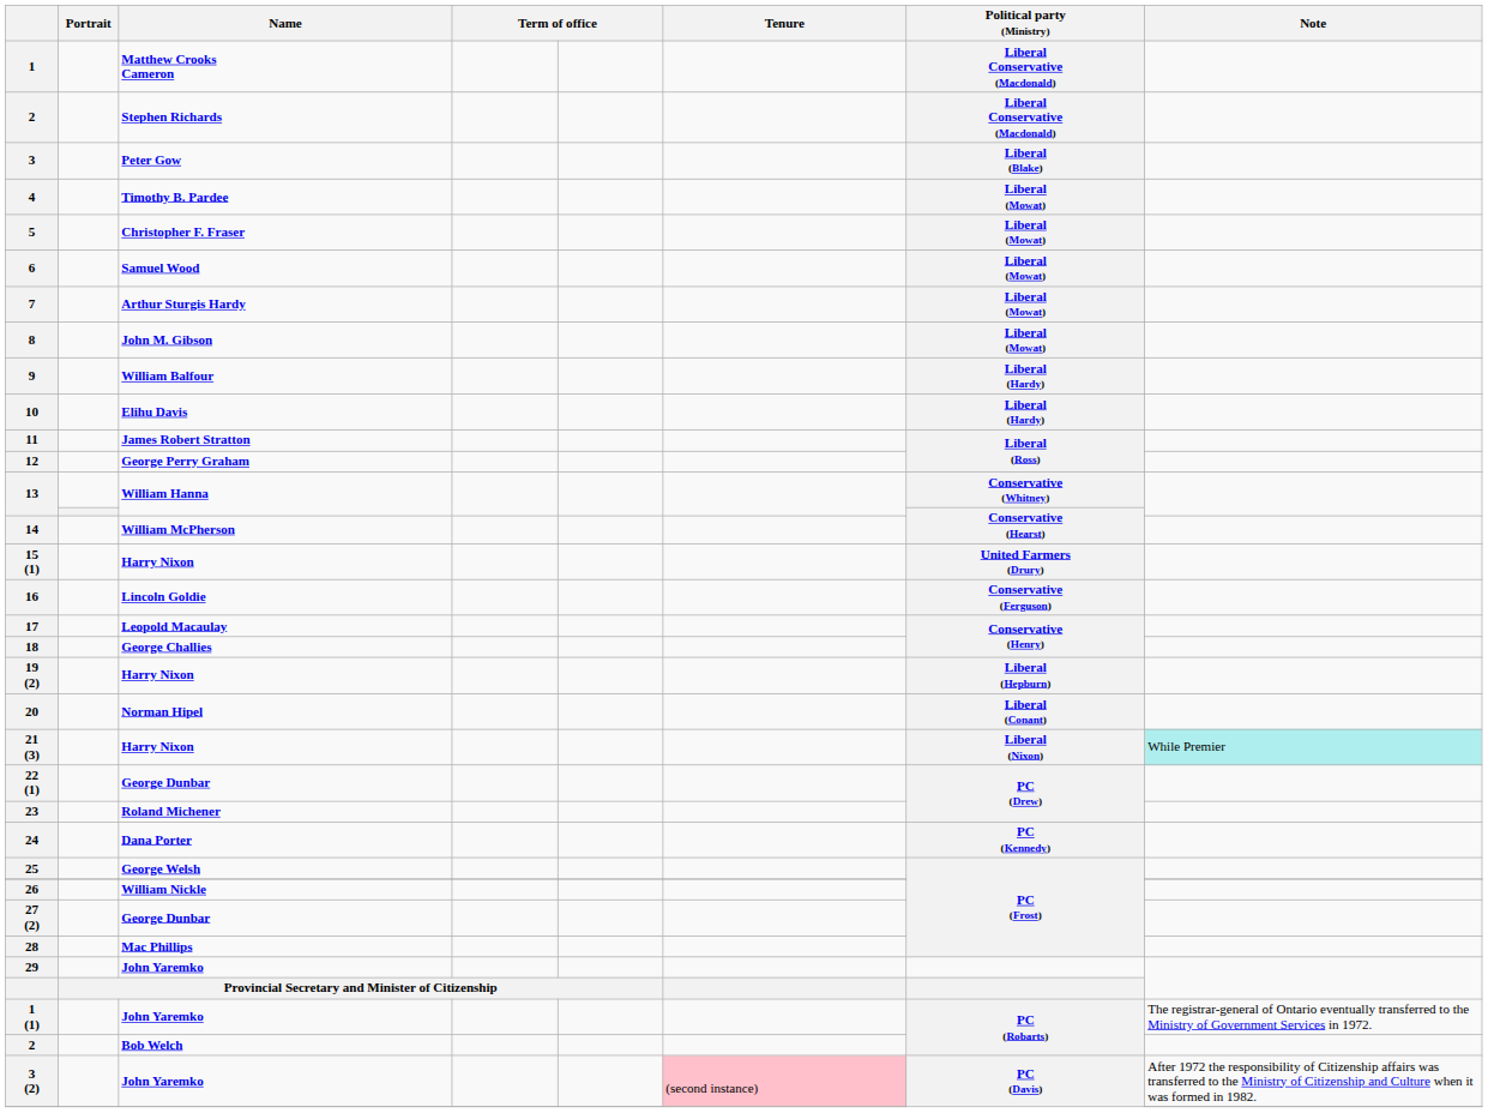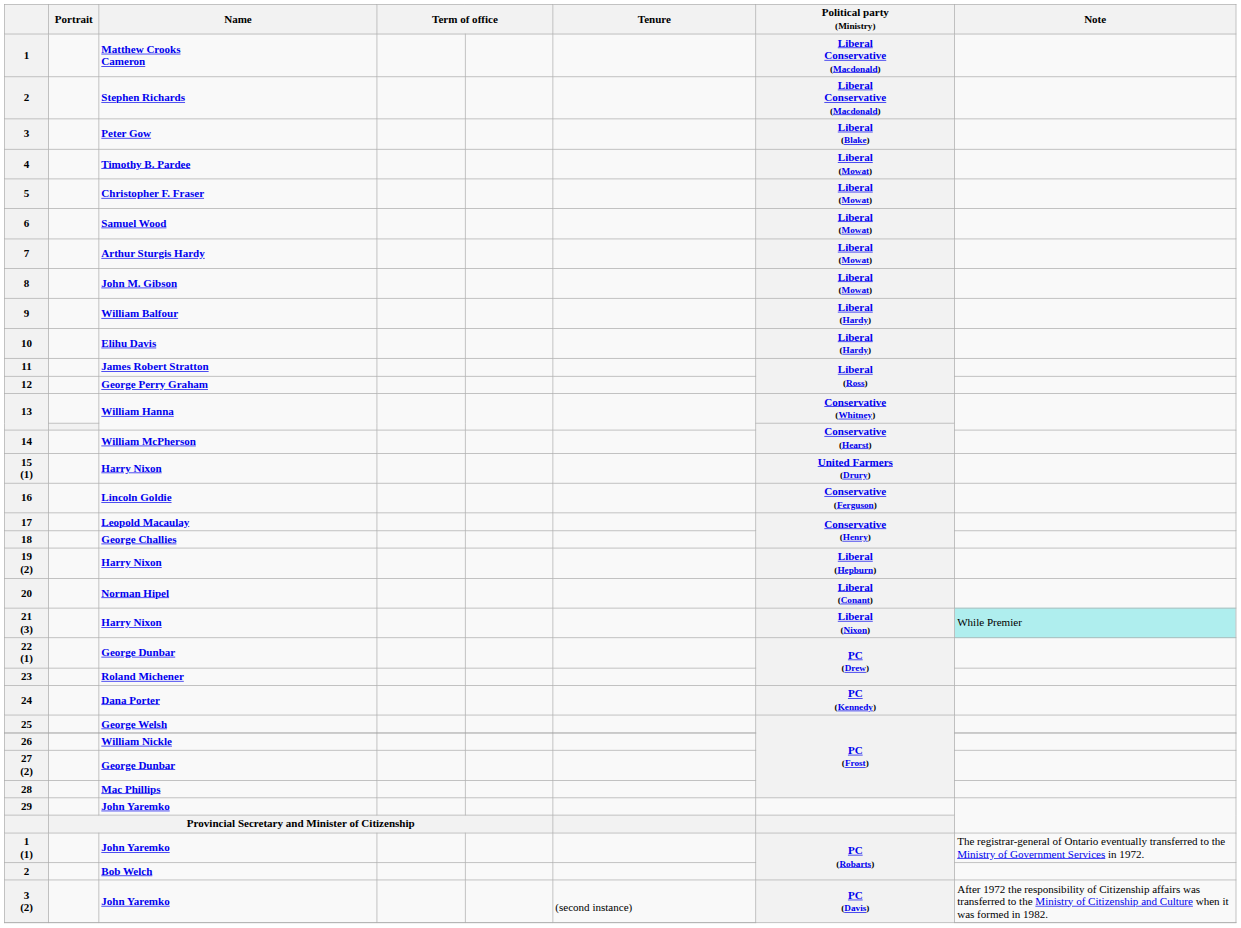 <table class="wikitable" style="width: 90%">
 <tr>
 <th></th>
 <th style="width: 65px;">Portrait</th>
 <th>Name</th>
 <th colspan=2>Term of office</th>
 <th>Tenure</th>
 <th>Political party<br><small>(Ministry)</small></th>
 <th style="width: 400px;">Note</th>
 </tr>
 <tr>
 <th style="background:">1</th>
 <td></td>
 <td><strong><a href='#'>Matthew Crooks <br> Cameron</a></strong></td>
 <td></td>
 <td></td>
 <td></td>
 <th style="background:"><a href='#'>Liberal<br>Conservative</a><br><small>(<a href='#'>Macdonald</a>)</small></th>
 <td></td>
 </tr>
 <tr>
 <th style="background:">2</th>
 <td></td>
 <td><strong><a href='#'>Stephen Richards</a></strong></td>
 <td></td>
 <td></td>
 <td></td>
 <th style="background:"><a href='#'>Liberal<br>Conservative</a><br><small>(<a href='#'>Macdonald</a>)</small></th>
 <td></td>
 </tr>
 <tr>
 <th style="background:">3</th>
 <td></td>
 <td><strong><a href='#'>Peter Gow</a></strong></td>
 <td></td>
 <td></td>
 <td></td>
 <th style="background:"><a href='#'>Liberal</a><br><small>(<a href='#'>Blake</a>)</small></th>
 <td></td>
 </tr>
 <tr>
 <th style="background:">4</th>
 <td></td>
 <td><strong><a href='#'>Timothy B. Pardee</a></strong></td>
 <td></td>
 <td></td>
 <td></td>
 <th style="background:"><a href='#'>Liberal</a><br><small>(<a href='#'>Mowat</a>)</small></th>
 <td></td>
 </tr>
 <tr>
 <th style="background:">5</th>
 <td></td>
 <td><strong><a href='#'>Christopher F. Fraser</a></strong></td>
 <td></td>
 <td></td>
 <td></td>
 <th style="background:"><a href='#'>Liberal</a><br><small>(<a href='#'>Mowat</a>)</small></th>
 <td></td>
 </tr>
 <tr>
 <th style="background:">6</th>
 <td></td>
 <td><strong><a href='#'>Samuel Wood</a></strong></td>
 <td></td>
 <td></td>
 <td></td>
 <th style="background:"><a href='#'>Liberal</a><br><small>(<a href='#'>Mowat</a>)</small></th>
 <td></td>
 </tr>
 <tr>
 <th style="background:">7</th>
 <td></td>
 <td><strong><a href='#'>Arthur Sturgis Hardy</a></strong></td>
 <td></td>
 <td></td>
 <td></td>
 <th style="background:"><a href='#'>Liberal</a><br><small>(<a href='#'>Mowat</a>)</small></th>
 <td></td>
 </tr>
 <tr>
 <th style="background:">8</th>
 <td></td>
 <td><strong><a href='#'>John M. Gibson</a></strong></td>
 <td></td>
 <td></td>
 <td></td>
 <th style="background:"><a href='#'>Liberal</a><br><small>(<a href='#'>Mowat</a>)</small></th>
 <td></td>
 </tr>
 <tr>
 <th style="background:">9</th>
 <td></td>
 <td><strong><a href='#'>William Balfour</a></strong></td>
 <td></td>
 <td></td>
 <td></td>
 <th style="background:"><a href='#'>Liberal</a><br><small>(<a href='#'>Hardy</a>)</small></th>
 <td></td>
 </tr>
 <tr>
 <th style="background:">10</th>
 <td></td>
 <td><strong><a href='#'>Elihu Davis</a></strong></td>
 <td></td>
 <td></td>
 <td></td>
 <th style="background:"><a href='#'>Liberal</a><br><small>(<a href='#'>Hardy</a>)</small></th>
 <td></td>
 </tr>
 <tr>
 <th style="background:">11</th>
 <td></td>
 <td><strong><a href='#'>James Robert Stratton</a></strong></td>
 <td></td>
 <td></td>
 <td></td>
 <th rowspan=2; style="background:"><a href='#'>Liberal</a><br><small>(<a href='#'>Ross</a>)</small></th>
 <td></td>
 </tr>
 <tr>
 <th style="background:">12</th>
 <td></td>
 <td><strong><a href='#'>George Perry Graham</a></strong></td>
 <td></td>
 <td></td>
 <td></td>
 <td></td>
 </tr>
 <tr>
 <th rowspan=2; style="background:">13</th>
 <td></td>
 <td rowspan=2><strong><a href='#'>William Hanna</a></strong></td>
 <td rowspan=2></td>
 <td rowspan=2></td>
 <td rowspan=2></td>
 <th rowspan=1; style="background:"><a href='#'>Conservative</a><br><small>(<a href='#'>Whitney</a>)</small></th>
 </tr>
 <tr>
 <th></th>
 <th rowspan=2; style="background:"><a href='#'>Conservative</a><br><small>(<a href='#'>Hearst</a>)</small></th>
 </tr>
 <tr>
 <th style="background:">14</th>
 <td></td>
 <td><strong><a href='#'>William McPherson</a></strong></td>
 <td></td>
 <td></td>
 <td></td>
 <td></td>
 </tr>
 <tr>
 <th style="background:">15 <br> (1)</th>
 <td></td>
 <td><strong><a href='#'>Harry Nixon</a></strong></td>
 <td></td>
 <td></td>
 <td></td>
 <th style="background:"><a href='#'>United Farmers</a><br><small>(<a href='#'>Drury</a>)</small></th>
 <td></td>
 </tr>
 <tr>
 <th style="background:">16</th>
 <td></td>
 <td><strong><a href='#'>Lincoln Goldie</a></strong></td>
 <td></td>
 <td></td>
 <td></td>
 <th rowspan=1; style="background:"><a href='#'>Conservative</a><br><small>(<a href='#'>Ferguson</a>)</small></th>
 <td></td>
 </tr>
 <tr>
 <th style="background:">17</th>
 <td></td>
 <td><strong><a href='#'>Leopold Macaulay</a></strong></td>
 <td></td>
 <td></td>
 <td></td>
 <th rowspan=2; style="background:"><a href='#'>Conservative</a><br><small>(<a href='#'>Henry</a>)</small></th>
 <td></td>
 </tr>
 <tr>
 <th style="background:">18</th>
 <td></td>
 <td><strong><a href='#'>George Challies</a></strong></td>
 <td></td>
 <td></td>
 <td></td>
 <td></td>
 </tr>
 <tr>
 <th style="background:">19 <br> (2)</th>
 <td></td>
 <td><strong><a href='#'>Harry Nixon</a></strong></td>
 <td></td>
 <td></td>
 <td></td>
 <th style="background:"><a href='#'>Liberal</a><br><small>(<a href='#'>Hepburn</a>)</small></th>
 <td></td>
 </tr>
 <tr>
 <th style="background:">20</th>
 <td></td>
 <td><strong><a href='#'>Norman Hipel</a></strong></td>
 <td></td>
 <td></td>
 <td></td>
 <th style="background:"><a href='#'>Liberal</a><br><small>(<a href='#'>Conant</a>)</small></th>
 <td></td>
 </tr>
 <tr>
 <th style="background:">21 <br> (3)</th>
 <td></td>
 <td><strong><a href='#'>Harry Nixon</a></strong></td>
 <td></td>
 <td></td>
 <td></td>
 <th style="background:"><a href='#'>Liberal</a><br><small>(<a href='#'>Nixon</a>)</small></th>
 <td style="background: paleturquoise;">While Premier</td>
 </tr>
 <tr>
 <th style="background:">22 <br> (1)</th>
 <td></td>
 <td><strong><a href='#'>George Dunbar</a></strong></td>
 <td></td>
 <td></td>
 <td></td>
 <th rowspan=2; style="background:"><a href='#'>PC</a><br><small>(<a href='#'>Drew</a>)</small></th>
 <td></td>
 </tr>
 <tr>
 <th style="background:">23</th>
 <td></td>
 <td><strong><a href='#'>Roland Michener</a></strong></td>
 <td></td>
 <td></td>
 <td></td>
 <td></td>
 </tr>
 <tr>
 <th style="background:">24</th>
 <td></td>
 <td><strong><a href='#'>Dana Porter</a></strong></td>
 <td></td>
 <td></td>
 <td></td>
 <th style="background:"><a href='#'>PC</a><br><small>(<a href='#'>Kennedy</a>)</small></th>
 <td></td>
 </tr>
 <tr>
 <th style="background:">25</th>
 <td></td>
 <td><strong><a href='#'>George Welsh</a></strong></td>
 <td></td>
 <td></td>
 <td></td>
 <th rowspan=5; style="background:"><a href='#'>PC</a><br><small>(<a href='#'>Frost</a>)</small></th>
 <td></td>
 </tr>
 <tr>
 </tr>
 <tr>
 <th style="background:">26</th>
 <td></td>
 <td><strong><a href='#'>William Nickle</a></strong></td>
 <td></td>
 <td></td>
 <td></td>
 <td></td>
 </tr>
 <tr>
 <th style="background:">27 <br> (2)</th>
 <td></td>
 <td><strong><a href='#'>George Dunbar</a></strong></td>
 <td></td>
 <td></td>
 <td></td>
 <td></td>
 </tr>
 <tr>
 <th style="background:">28</th>
 <td></td>
 <td><strong><a href='#'>Mac Phillips</a></strong></td>
 <td></td>
 <td></td>
 <td></td>
 <td></td>
 </tr>
 <tr>
 <th style="background:">29</th>
 <td></td>
 <td><strong><a href='#'>John Yaremko</a></strong></td>
 <td></td>
 <td></td>
 <td></td>
 <td></td>
 </tr>
 <tr>
 <th></th>
 <th colspan=4>Provincial Secretary and Minister of Citizenship</th>
 <th></th>
 <th></th>
 </tr>
 <tr>
 <th style="background:">1 <br> (1)</th>
 <td></td>
 <td><strong><a href='#'>John Yaremko</a></strong></td>
 <td></td>
 <td></td>
 <td><br></td>
 <th rowspan=2; style="background:"><a href='#'>PC</a><br><small>(<a href='#'>Robarts</a>)</small></th>
 <td>The registrar-general of Ontario eventually transferred to the <a href='#'>Ministry of Government Services</a> in 1972.</td>
 </tr>
 <tr>
 <th style="background:">2</th>
 <td></td>
 <td><strong><a href='#'>Bob Welch</a></strong></td>
 <td></td>
 <td></td>
 <td></td>
 <td></td>
 </tr>
 <tr>
 <th style="background:">3 <br> (2)</th>
 <td></td>
 <td><strong><a href='#'>John Yaremko</a></strong></td>
 <td></td>
 <td></td>
-<td style="background: pink;"><br>(second instance)</td>
+<td><br>(second instance)</td>
 <th rowspan=5; style="background:"><a href='#'>PC</a><br><small>(<a href='#'>Davis</a>)</small></th>
 <td>After 1972 the responsibility of Citizenship affairs was transferred to the <a href='#'>Ministry of Citizenship and Culture</a> when it was formed in 1982.</td>
 </tr>
 <tr>
 </tr>
 </table>
